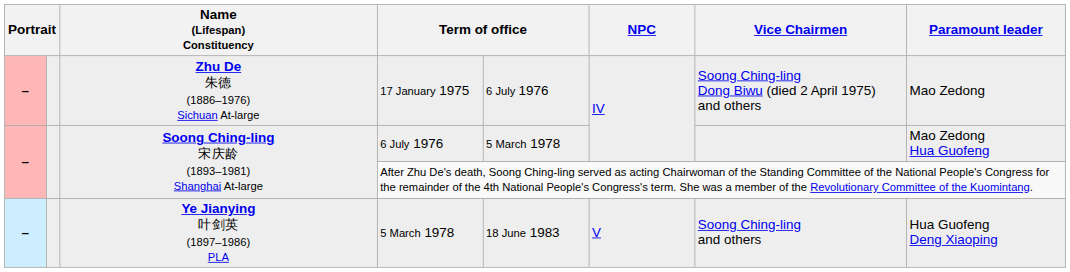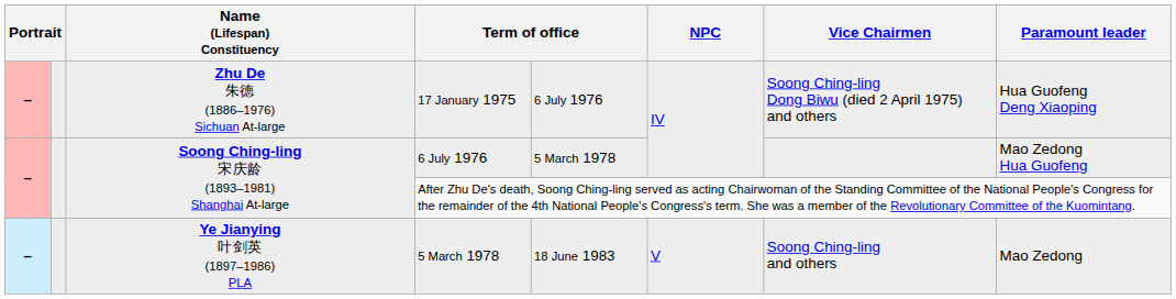 <table class="wikitable" width=100%>
 <tr>
 <th colspan="2" width=5%>Portrait</th>
 <th width=30% colspan="2">Name<br><small>(Lifespan)<br>Constituency</small></th>
 <th colspan="2" width=30%>Term of office</th>
 <th width=10%><a href='#'>NPC</a></th>
 <th width=20%><a href='#'>Vice Chairmen</a></th>
 <th width=20%><a href='#'>Paramount leader</a></th>
 </tr>
 <tr bgcolor=#EEEEEE>
 <th style="background-color: #FFB6B6" width=20>–</th>
 <td></td>
 <td colspan="2" align="center"><strong><a href='#'>Zhu De</a></strong><br><span>朱德</span><small><br>(1886–1976)<br><a href='#'>Sichuan</a> At-large</small></td>
 <td width=10%><small>17 January</small> 1975</td>
 <td width=10%><small>6 July </small>1976</td>
 <td rowspan="2"><a href='#'>IV</a></td>
 <td><a href='#'>Soong Ching-ling</a><br><a href='#'>Dong Biwu</a> (died 2 April 1975)<br>and others</td>
-<td>Mao Zedong</td>
+<td>Hua Guofeng<br><a href='#'>Deng Xiaoping</a></td>
 </tr>
 <tr bgcolor=#EEEEEE>
 <th rowspan="2" style="background-color: #FFB6B6" width=20>–</th>
 <td rowspan="2"></td>
 <td rowspan="2" colspan="2" align="center"><strong><a href='#'>Soong Ching-ling</a></strong><br><span>宋庆龄</span><small><br>(1893–1981)<br><a href='#'>Shanghai</a> At-large</small></td>
 <td width=10%><small>6 July</small> 1976</td>
 <td width=10%><small>5 March</small> 1978</td>
 <td></td>
 <td>Mao Zedong<br><a href='#'>Hua Guofeng</a></td>
 </tr>
 <tr>
 <td colspan="5"><small>After Zhu De's death, Soong Ching-ling served as acting Chairwoman of the Standing Committee of the National People's Congress for the remainder of the 4th National People's Congress's term. She was a member of the <a href='#'>Revolutionary Committee of the Kuomintang</a>.</small></td>
 </tr>
 <tr bgcolor=#EEEEEE>
 <th style="background-color: #CCEEFF" width=20>–</th>
 <td></td>
 <td colspan="2" align="center"><strong><a href='#'>Ye Jianying</a></strong><br><span>叶剑英</span><small><br>(1897–1986)<br><a href='#'>PLA</a></small></td>
 <td width=10%><small>5 March</small> 1978</td>
 <td width=10%><small>18 June</small> 1983</td>
 <td><a href='#'>V</a></td>
 <td><a href='#'>Soong Ching-ling</a><br>and others</td>
-<td>Hua Guofeng<br><a href='#'>Deng Xiaoping</a></td>
+<td>Mao Zedong</td>
 </tr>
 </table>
